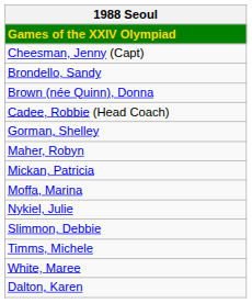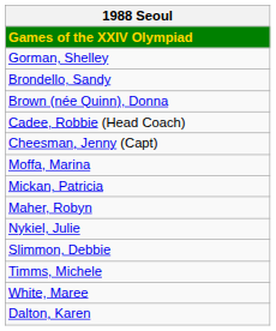 <table class="wikitable collapsible autocollapse" width=25%>
 <tr>
 <th>1988 Seoul</th>
 </tr>
 <tr>
 <td bgcolor=green style="color:gold; width:200px"><strong>Games of the XXIV Olympiad</strong></td>
 </tr>
 <tr>
-<td><a href='#'>Cheesman, Jenny</a> (Capt)</td>
+<td><a href='#'>Gorman, Shelley</a></td>
 </tr>
 <tr>
 <td><a href='#'>Brondello, Sandy</a></td>
 </tr>
 <tr>
 <td><a href='#'>Brown (née Quinn), Donna</a></td>
 </tr>
 <tr>
 <td><a href='#'>Cadee, Robbie</a> (Head Coach)</td>
 </tr>
 <tr>
-<td><a href='#'>Gorman, Shelley</a></td>
+<td><a href='#'>Cheesman, Jenny</a> (Capt)</td>
 </tr>
 <tr>
-<td><a href='#'>Maher, Robyn</a></td>
+<td><a href='#'>Moffa, Marina</a></td>
 </tr>
 <tr>
 <td><a href='#'>Mickan, Patricia</a></td>
 </tr>
 <tr>
-<td><a href='#'>Moffa, Marina</a></td>
+<td><a href='#'>Maher, Robyn</a></td>
 </tr>
 <tr>
 <td><a href='#'>Nykiel, Julie</a></td>
 </tr>
 <tr>
 <td><a href='#'>Slimmon, Debbie</a></td>
 </tr>
 <tr>
 <td><a href='#'>Timms, Michele</a></td>
 </tr>
 <tr>
 <td><a href='#'>White, Maree</a></td>
 </tr>
 <tr>
 <td><a href='#'>Dalton, Karen</a></td>
 </tr>
 </table>
